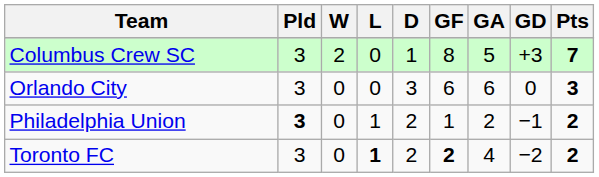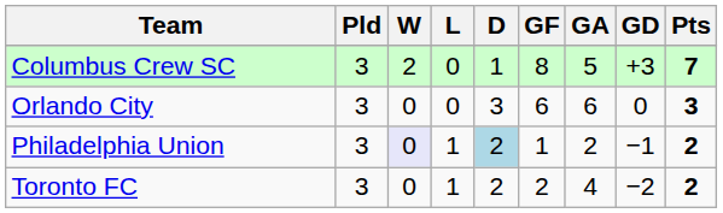 <table class="wikitable" style="text-align: center;">
 <tr>
 <th width="200">Team</th>
 <th width="20">Pld</th>
 <th width="20">W</th>
 <th width="20">L</th>
 <th width="20">D</th>
 <th width="20">GF</th>
 <th width="20">GA</th>
 <th width="20">GD</th>
 <th width="20">Pts</th>
 </tr>
 <tr>
 </tr>
 <tr bgcolor="#ccffcc">
 <td style="text-align:left;"><a href='#'>Columbus Crew SC</a></td>
 <td>3</td>
 <td>2</td>
 <td>0</td>
 <td>1</td>
 <td>8</td>
 <td>5</td>
 <td>+3</td>
 <td><strong>7</strong></td>
 </tr>
 <tr>
 <td style="text-align:left;"><a href='#'>Orlando City</a></td>
 <td>3</td>
 <td>0</td>
 <td>0</td>
 <td>3</td>
 <td>6</td>
 <td>6</td>
 <td>0</td>
 <td><strong>3</strong></td>
 </tr>
 <tr>
 <td style="text-align:left;"><a href='#'>Philadelphia Union</a></td>
-<td><strong>3</strong></td>
-<td>0</td>
+<td>3</td>
+<td style="background: lavender;">0</td>
 <td>1</td>
-<td>2</td>
+<td style="background: lightblue;">2</td>
 <td>1</td>
 <td>2</td>
 <td>−1</td>
 <td><strong>2</strong></td>
 </tr>
 <tr>
 <td style="text-align:left;"><a href='#'>Toronto FC</a></td>
 <td>3</td>
 <td>0</td>
-<td><strong>1</strong></td>
+<td>1</td>
 <td>2</td>
-<td><strong>2</strong></td>
+<td>2</td>
 <td>4</td>
 <td>−2</td>
 <td><strong>2</strong></td>
 </tr>
 </table>
